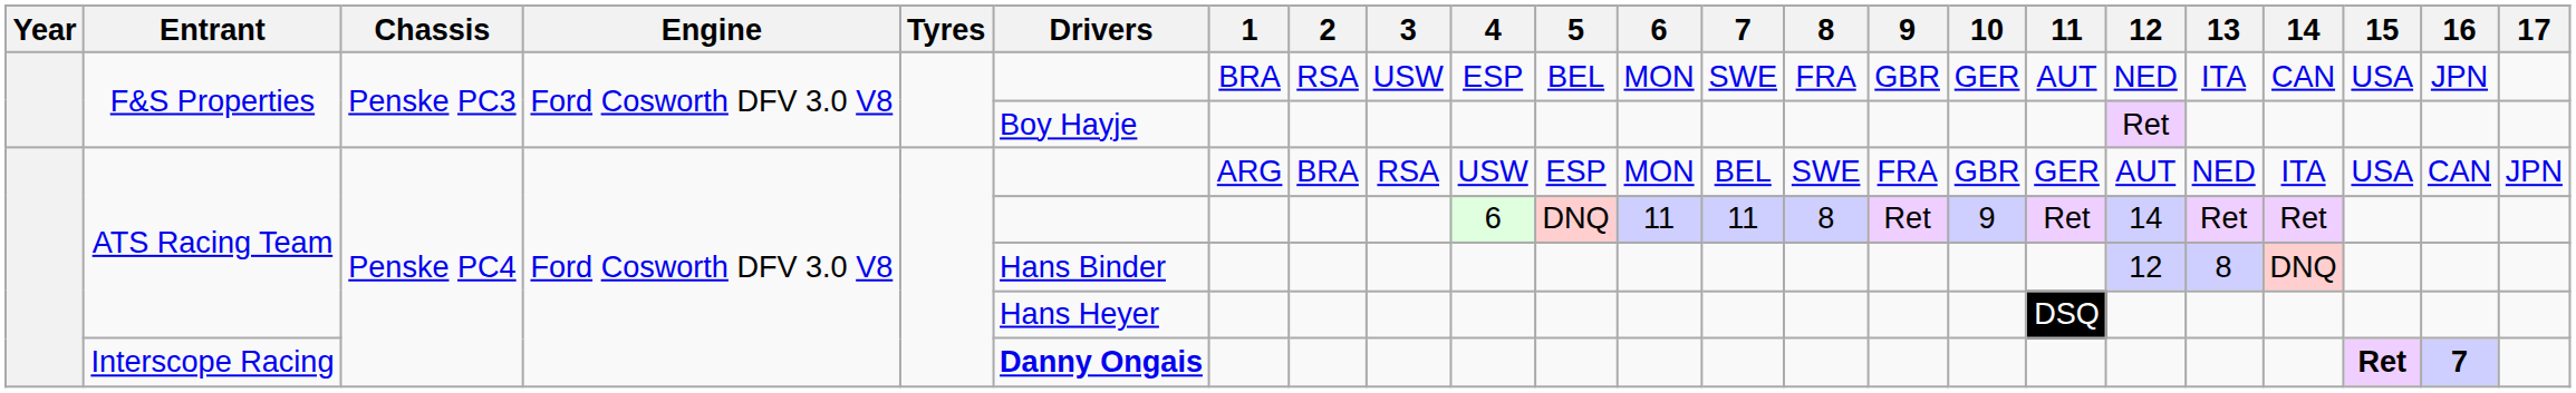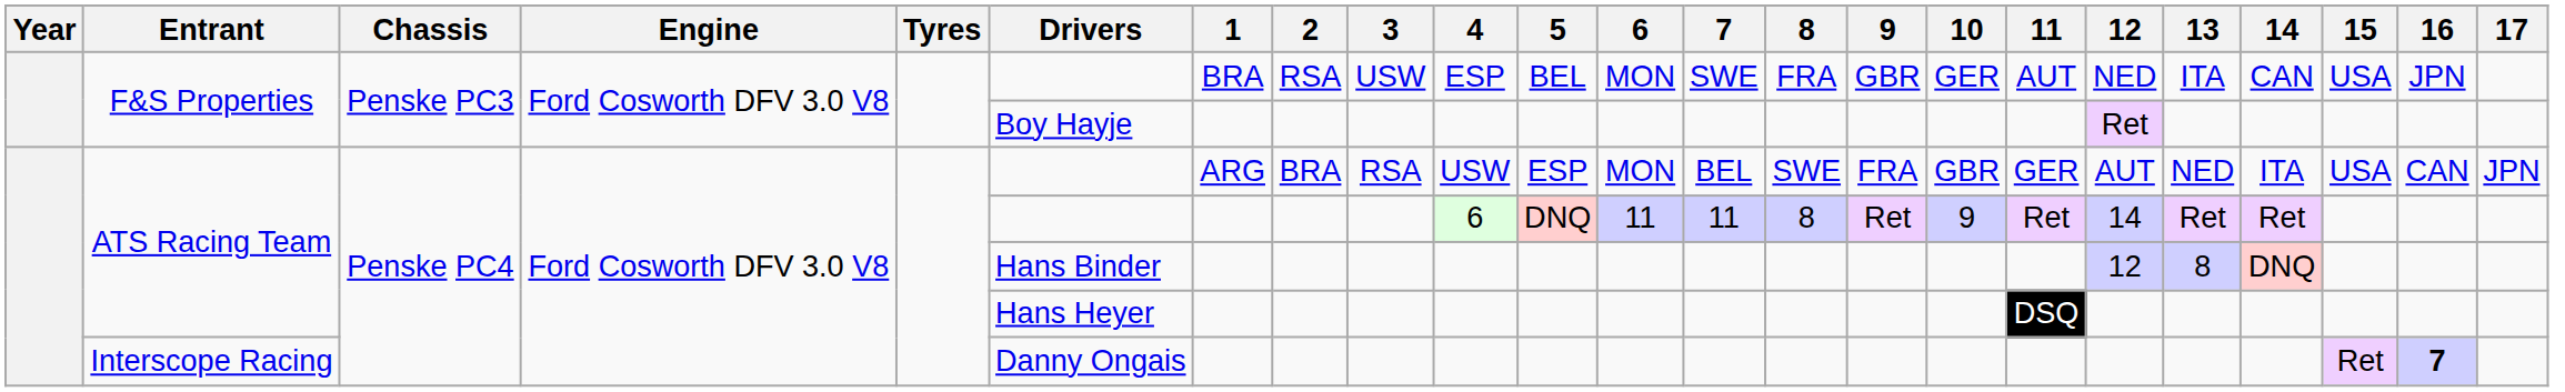 <table class="wikitable" style="text-align:center; font-size:85%">
 <tr>
 <th>Year</th>
 <th>Entrant</th>
 <th>Chassis</th>
 <th>Engine</th>
 <th>Tyres</th>
 <th>Drivers</th>
 <th>1</th>
 <th>2</th>
 <th>3</th>
 <th>4</th>
 <th>5</th>
 <th>6</th>
 <th>7</th>
 <th>8</th>
 <th>9</th>
 <th>10</th>
 <th>11</th>
 <th>12</th>
 <th>13</th>
 <th>14</th>
 <th>15</th>
 <th>16</th>
 <th>17</th>
 </tr>
 <tr>
 <th rowspan=2></th>
 <td rowspan=2><a href='#'>F&S Properties</a></td>
 <td rowspan=2><a href='#'>Penske</a> <a href='#'>PC3</a></td>
 <td rowspan=2><a href='#'>Ford</a> <a href='#'>Cosworth</a> DFV 3.0 <a href='#'>V8</a></td>
 <td rowspan=2></td>
 <td></td>
 <td><a href='#'>BRA</a></td>
 <td><a href='#'>RSA</a></td>
 <td><a href='#'>USW</a></td>
 <td><a href='#'>ESP</a></td>
 <td><a href='#'>BEL</a></td>
 <td><a href='#'>MON</a></td>
 <td><a href='#'>SWE</a></td>
 <td><a href='#'>FRA</a></td>
 <td><a href='#'>GBR</a></td>
 <td><a href='#'>GER</a></td>
 <td><a href='#'>AUT</a></td>
 <td><a href='#'>NED</a></td>
 <td><a href='#'>ITA</a></td>
 <td><a href='#'>CAN</a></td>
 <td><a href='#'>USA</a></td>
 <td><a href='#'>JPN</a></td>
 <td></td>
 </tr>
 <tr>
 <td align="left"> <a href='#'>Boy Hayje</a></td>
 <td></td>
 <td></td>
 <td></td>
 <td></td>
 <td></td>
 <td></td>
 <td></td>
 <td></td>
 <td></td>
 <td></td>
 <td></td>
 <td style="background:#efcfff; text-align:center;">Ret</td>
 <td></td>
 <td></td>
 <td></td>
 <td></td>
 <td></td>
 </tr>
 <tr>
 <th rowspan=5></th>
 <td rowspan=4><a href='#'>ATS Racing Team</a></td>
 <td rowspan=5><a href='#'>Penske</a> <a href='#'>PC4</a></td>
 <td rowspan=5><a href='#'>Ford</a> <a href='#'>Cosworth</a> DFV 3.0 <a href='#'>V8</a></td>
 <td rowspan=5></td>
 <td></td>
 <td><a href='#'>ARG</a></td>
 <td><a href='#'>BRA</a></td>
 <td><a href='#'>RSA</a></td>
 <td><a href='#'>USW</a></td>
 <td><a href='#'>ESP</a></td>
 <td><a href='#'>MON</a></td>
 <td><a href='#'>BEL</a></td>
 <td><a href='#'>SWE</a></td>
 <td><a href='#'>FRA</a></td>
 <td><a href='#'>GBR</a></td>
 <td><a href='#'>GER</a></td>
 <td><a href='#'>AUT</a></td>
 <td><a href='#'>NED</a></td>
 <td><a href='#'>ITA</a></td>
 <td><a href='#'>USA</a></td>
 <td><a href='#'>CAN</a></td>
 <td><a href='#'>JPN</a></td>
 </tr>
 <tr>
 <td align="left"></td>
 <td></td>
 <td></td>
 <td></td>
 <td style="background:#dfffdf; text-align:center;">6</td>
 <td style="background:#ffcfcf; text-align:center;">DNQ</td>
 <td style="background:#cfcfff; text-align:center;">11</td>
 <td style="background:#cfcfff; text-align:center;">11</td>
 <td style="background:#cfcfff; text-align:center;">8</td>
 <td style="background:#efcfff; text-align:center;">Ret</td>
 <td style="background:#cfcfff; text-align:center;">9</td>
 <td style="background:#efcfff; text-align:center;">Ret</td>
 <td style="background:#cfcfff; text-align:center;">14</td>
 <td style="background:#efcfff; text-align:center;">Ret</td>
 <td style="background:#efcfff; text-align:center;">Ret</td>
 <td></td>
 <td></td>
 <td></td>
 </tr>
 <tr>
 <td align="left"> <a href='#'>Hans Binder</a></td>
 <td></td>
 <td></td>
 <td></td>
 <td></td>
 <td></td>
 <td></td>
 <td></td>
 <td></td>
 <td></td>
 <td></td>
 <td></td>
 <td style="background:#cfcfff; text-align:center;">12</td>
 <td style="background:#cfcfff; text-align:center;">8</td>
 <td style="background:#ffcfcf; text-align:center;">DNQ</td>
 <td></td>
 <td></td>
 <td></td>
 </tr>
 <tr>
 <td align="left"> <a href='#'>Hans Heyer</a></td>
 <td></td>
 <td></td>
 <td></td>
 <td></td>
 <td></td>
 <td></td>
 <td></td>
 <td></td>
 <td></td>
 <td></td>
 <td style="background:#000000; text-align:center; color:#ffffff">DSQ</td>
 <td></td>
 <td></td>
 <td></td>
 <td></td>
 <td></td>
 <td></td>
 </tr>
 <tr>
 <td><a href='#'>Interscope Racing</a></td>
-<td align="left"><strong> <a href='#'>Danny Ongais</a></strong></td>
+<td align="left"> <a href='#'>Danny Ongais</a></td>
 <td></td>
 <td></td>
 <td></td>
 <td></td>
 <td></td>
 <td></td>
 <td></td>
 <td></td>
 <td></td>
 <td></td>
 <td></td>
 <td></td>
 <td></td>
 <td></td>
-<td style="background:#efcfff; text-align:center;"><strong>Ret</strong></td>
+<td style="background:#efcfff; text-align:center;">Ret</td>
 <td style="background:#cfcfff; text-align:center;"><strong>7</strong></td>
 <td></td>
 </tr>
 </table>
